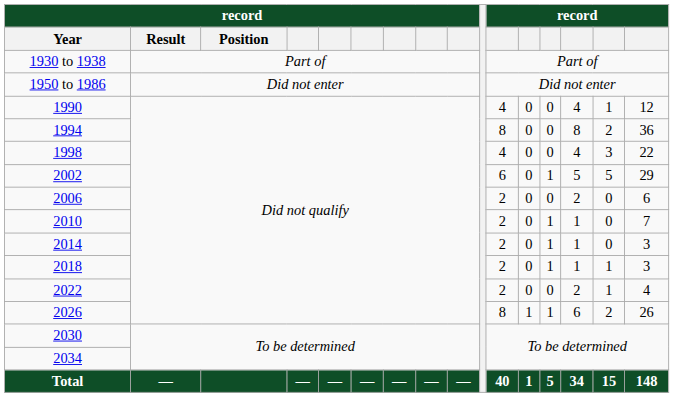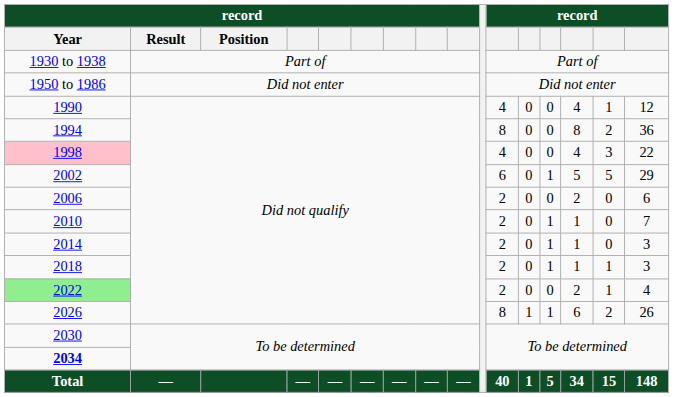 <table class="wikitable" style="text-align: center;">
 <tr>
 <th colspan=9 style="background: #0E4E27; color: #FFFFFF;"><a href='#'></a> record</th>
 <th style="width:1%;" rowspan=17></th>
 <th colspan=7 style="background: #0E4E27; color: #FFFFFF;"><a href='#'></a> record</th>
 </tr>
 <tr>
 <th>Year</th>
 <th>Result</th>
 <th>Position</th>
 <th></th>
 <th></th>
 <th></th>
 <th></th>
 <th></th>
 <th></th>
 <th></th>
 <th></th>
 <th></th>
 <th></th>
 <th></th>
 <th></th>
 </tr>
 <tr>
 <td><a href='#'>1930</a> to <a href='#'>1938</a></td>
 <td colspan=8><em>Part of </em></td>
 <td colspan=6><em>Part of </em></td>
 </tr>
 <tr>
 <td><a href='#'>1950</a> to <a href='#'>1986</a></td>
 <td colspan=8><em>Did not enter</em></td>
 <td colspan=6><em>Did not enter</em></td>
 </tr>
 <tr>
 <td> <a href='#'>1990</a></td>
 <td colspan=8 rowspan=10><em>Did not qualify</em></td>
 <td>4</td>
 <td>0</td>
 <td>0</td>
 <td>4</td>
 <td>1</td>
 <td>12</td>
 </tr>
 <tr>
 <td> <a href='#'>1994</a></td>
 <td>8</td>
 <td>0</td>
 <td>0</td>
 <td>8</td>
 <td>2</td>
 <td>36</td>
 </tr>
 <tr>
-<td> <a href='#'>1998</a></td>
+<td style="background: pink;"> <a href='#'>1998</a></td>
 <td>4</td>
 <td>0</td>
 <td>0</td>
 <td>4</td>
 <td>3</td>
 <td>22</td>
 </tr>
 <tr>
 <td>  <a href='#'>2002</a></td>
 <td>6</td>
 <td>0</td>
 <td>1</td>
 <td>5</td>
 <td>5</td>
 <td>29</td>
 </tr>
 <tr>
 <td> <a href='#'>2006</a></td>
 <td>2</td>
 <td>0</td>
 <td>0</td>
 <td>2</td>
 <td>0</td>
 <td>6</td>
 </tr>
 <tr>
 <td> <a href='#'>2010</a></td>
 <td>2</td>
 <td>0</td>
 <td>1</td>
 <td>1</td>
 <td>0</td>
 <td>7</td>
 </tr>
 <tr>
 <td> <a href='#'>2014</a></td>
 <td>2</td>
 <td>0</td>
 <td>1</td>
 <td>1</td>
 <td>0</td>
 <td>3</td>
 </tr>
 <tr>
 <td> <a href='#'>2018</a></td>
 <td>2</td>
 <td>0</td>
 <td>1</td>
 <td>1</td>
 <td>1</td>
 <td>3</td>
 </tr>
 <tr>
-<td> <a href='#'>2022</a></td>
+<td style="background: lightgreen;"> <a href='#'>2022</a></td>
 <td>2</td>
 <td>0</td>
 <td>0</td>
 <td>2</td>
 <td>1</td>
 <td>4</td>
 </tr>
 <tr>
 <td>   <a href='#'>2026</a></td>
 <td>8</td>
 <td>1</td>
 <td>1</td>
 <td>6</td>
 <td>2</td>
 <td>26</td>
 </tr>
 <tr>
 <td>   <a href='#'>2030</a></td>
 <td colspan=8 rowspan=2><em>To be determined</em></td>
 <td colspan=6 rowspan=2><em>To be determined</em></td>
 </tr>
 <tr>
-<td> <a href='#'>2034</a></td>
+<td><strong> <a href='#'>2034</a></strong></td>
 </tr>
 <tr>
 <td style="background: #0E4E27; color: #FFFFFF;"><strong>Total</strong></td>
 <td style="background: #0E4E27; color: #FFFFFF;"><strong>—</strong></td>
 <td style="background: #0E4E27; color: #FFFFFF;"><strong></strong></td>
 <td style="background: #0E4E27; color: #FFFFFF;"><strong>—</strong></td>
 <td style="background: #0E4E27; color: #FFFFFF;"><strong>—</strong></td>
 <td style="background: #0E4E27; color: #FFFFFF;"><strong>—</strong></td>
 <td style="background: #0E4E27; color: #FFFFFF;"><strong>—</strong></td>
 <td style="background: #0E4E27; color: #FFFFFF;"><strong>—</strong></td>
 <td style="background: #0E4E27; color: #FFFFFF;"><strong>—</strong></td>
 <td style="background: #0E4E27; color: #FFFFFF;"><strong>40</strong></td>
 <td style="background: #0E4E27; color: #FFFFFF;"><strong>1</strong></td>
 <td style="background: #0E4E27; color: #FFFFFF;"><strong>5</strong></td>
 <td style="background: #0E4E27; color: #FFFFFF;"><strong>34</strong></td>
 <td style="background: #0E4E27; color: #FFFFFF;"><strong>15</strong></td>
 <td style="background: #0E4E27; color: #FFFFFF;"><strong>148</strong></td>
 </tr>
 </table>
